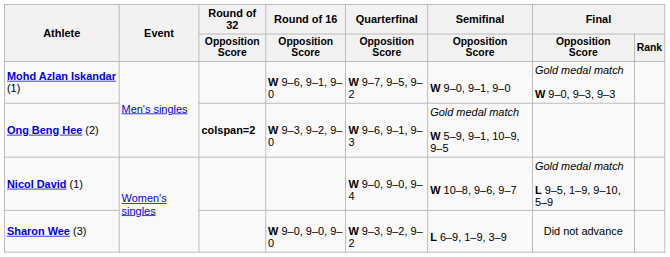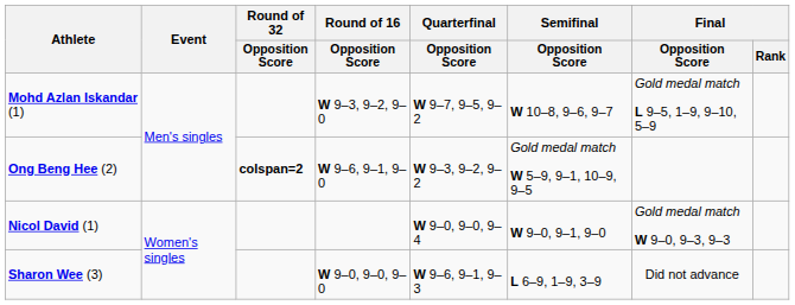 <table class="wikitable" style="font-size:90%">
 <tr>
 <th rowspan=2>Athlete</th>
 <th rowspan=2>Event</th>
 <th>Round of 32</th>
 <th>Round of 16</th>
 <th>Quarterfinal</th>
 <th>Semifinal</th>
 <th colspan=2>Final</th>
 </tr>
 <tr style="font-size:95%">
 <th>Opposition<br>Score</th>
 <th>Opposition<br>Score</th>
 <th>Opposition<br>Score</th>
 <th>Opposition<br>Score</th>
 <th>Opposition<br>Score</th>
 <th>Rank</th>
 </tr>
 <tr>
 <td><strong><a href='#'>Mohd Azlan Iskandar</a></strong> (1)</td>
 <td rowspan=2><a href='#'>Men's singles</a></td>
 <td></td>
-<td><br><strong>W</strong> 9–6, 9–1, 9–0</td>
+<td><br><strong>W</strong> 9–3, 9–2, 9–0</td>
 <td><br><strong>W</strong> 9–7, 9–5, 9–2</td>
-<td><br><strong>W</strong> 9–0, 9–1, 9–0</td>
-<td><em>Gold medal match</em><br><br><strong>W</strong> 9–0, 9–3, 9–3</td>
+<td><br><strong>W</strong> 10–8, 9–6, 9–7</td>
+<td><em>Gold medal match</em><br><br><strong>L</strong> 9–5, 1–9, 9–10, 5–9</td>
 <td align=center></td>
 </tr>
 <tr>
 <td><strong><a href='#'>Ong Beng Hee</a></strong> (2)</td>
 <td><strong>colspan=2 </strong></td>
-<td><br><strong>W</strong> 9–3, 9–2, 9–0</td>
-<td><br><strong>W</strong> 9–6, 9–1, 9–3</td>
+<td><br><strong>W</strong> 9–6, 9–1, 9–0</td>
+<td><br><strong>W</strong> 9–3, 9–2, 9–2</td>
 <td><em>Gold medal match</em><br><br><strong>W</strong> 5–9, 9–1, 10–9, 9–5</td>
 <td align=center></td>
 </tr>
 <tr>
 <td><strong><a href='#'>Nicol David</a></strong> (1)</td>
 <td rowspan=2><a href='#'>Women's singles</a></td>
 <td></td>
 <td></td>
 <td><br><strong>W</strong> 9–0, 9–0, 9–4</td>
-<td><br><strong>W</strong> 10–8, 9–6, 9–7</td>
-<td><em>Gold medal match</em><br><br><strong>L</strong> 9–5, 1–9, 9–10, 5–9</td>
+<td><br><strong>W</strong> 9–0, 9–1, 9–0</td>
+<td><em>Gold medal match</em><br><br><strong>W</strong> 9–0, 9–3, 9–3</td>
 <td align=center></td>
 </tr>
 <tr>
 <td><strong><a href='#'>Sharon Wee</a></strong> (3)</td>
 <td></td>
 <td><br><strong>W</strong> 9–0, 9–0, 9–0</td>
-<td><br><strong>W</strong> 9–3, 9–2, 9–2</td>
+<td><br><strong>W</strong> 9–6, 9–1, 9–3</td>
 <td><br><strong>L</strong> 6–9, 1–9, 3–9</td>
 <td align=center>Did not advance</td>
 <td align=center></td>
 </tr>
 </table>
